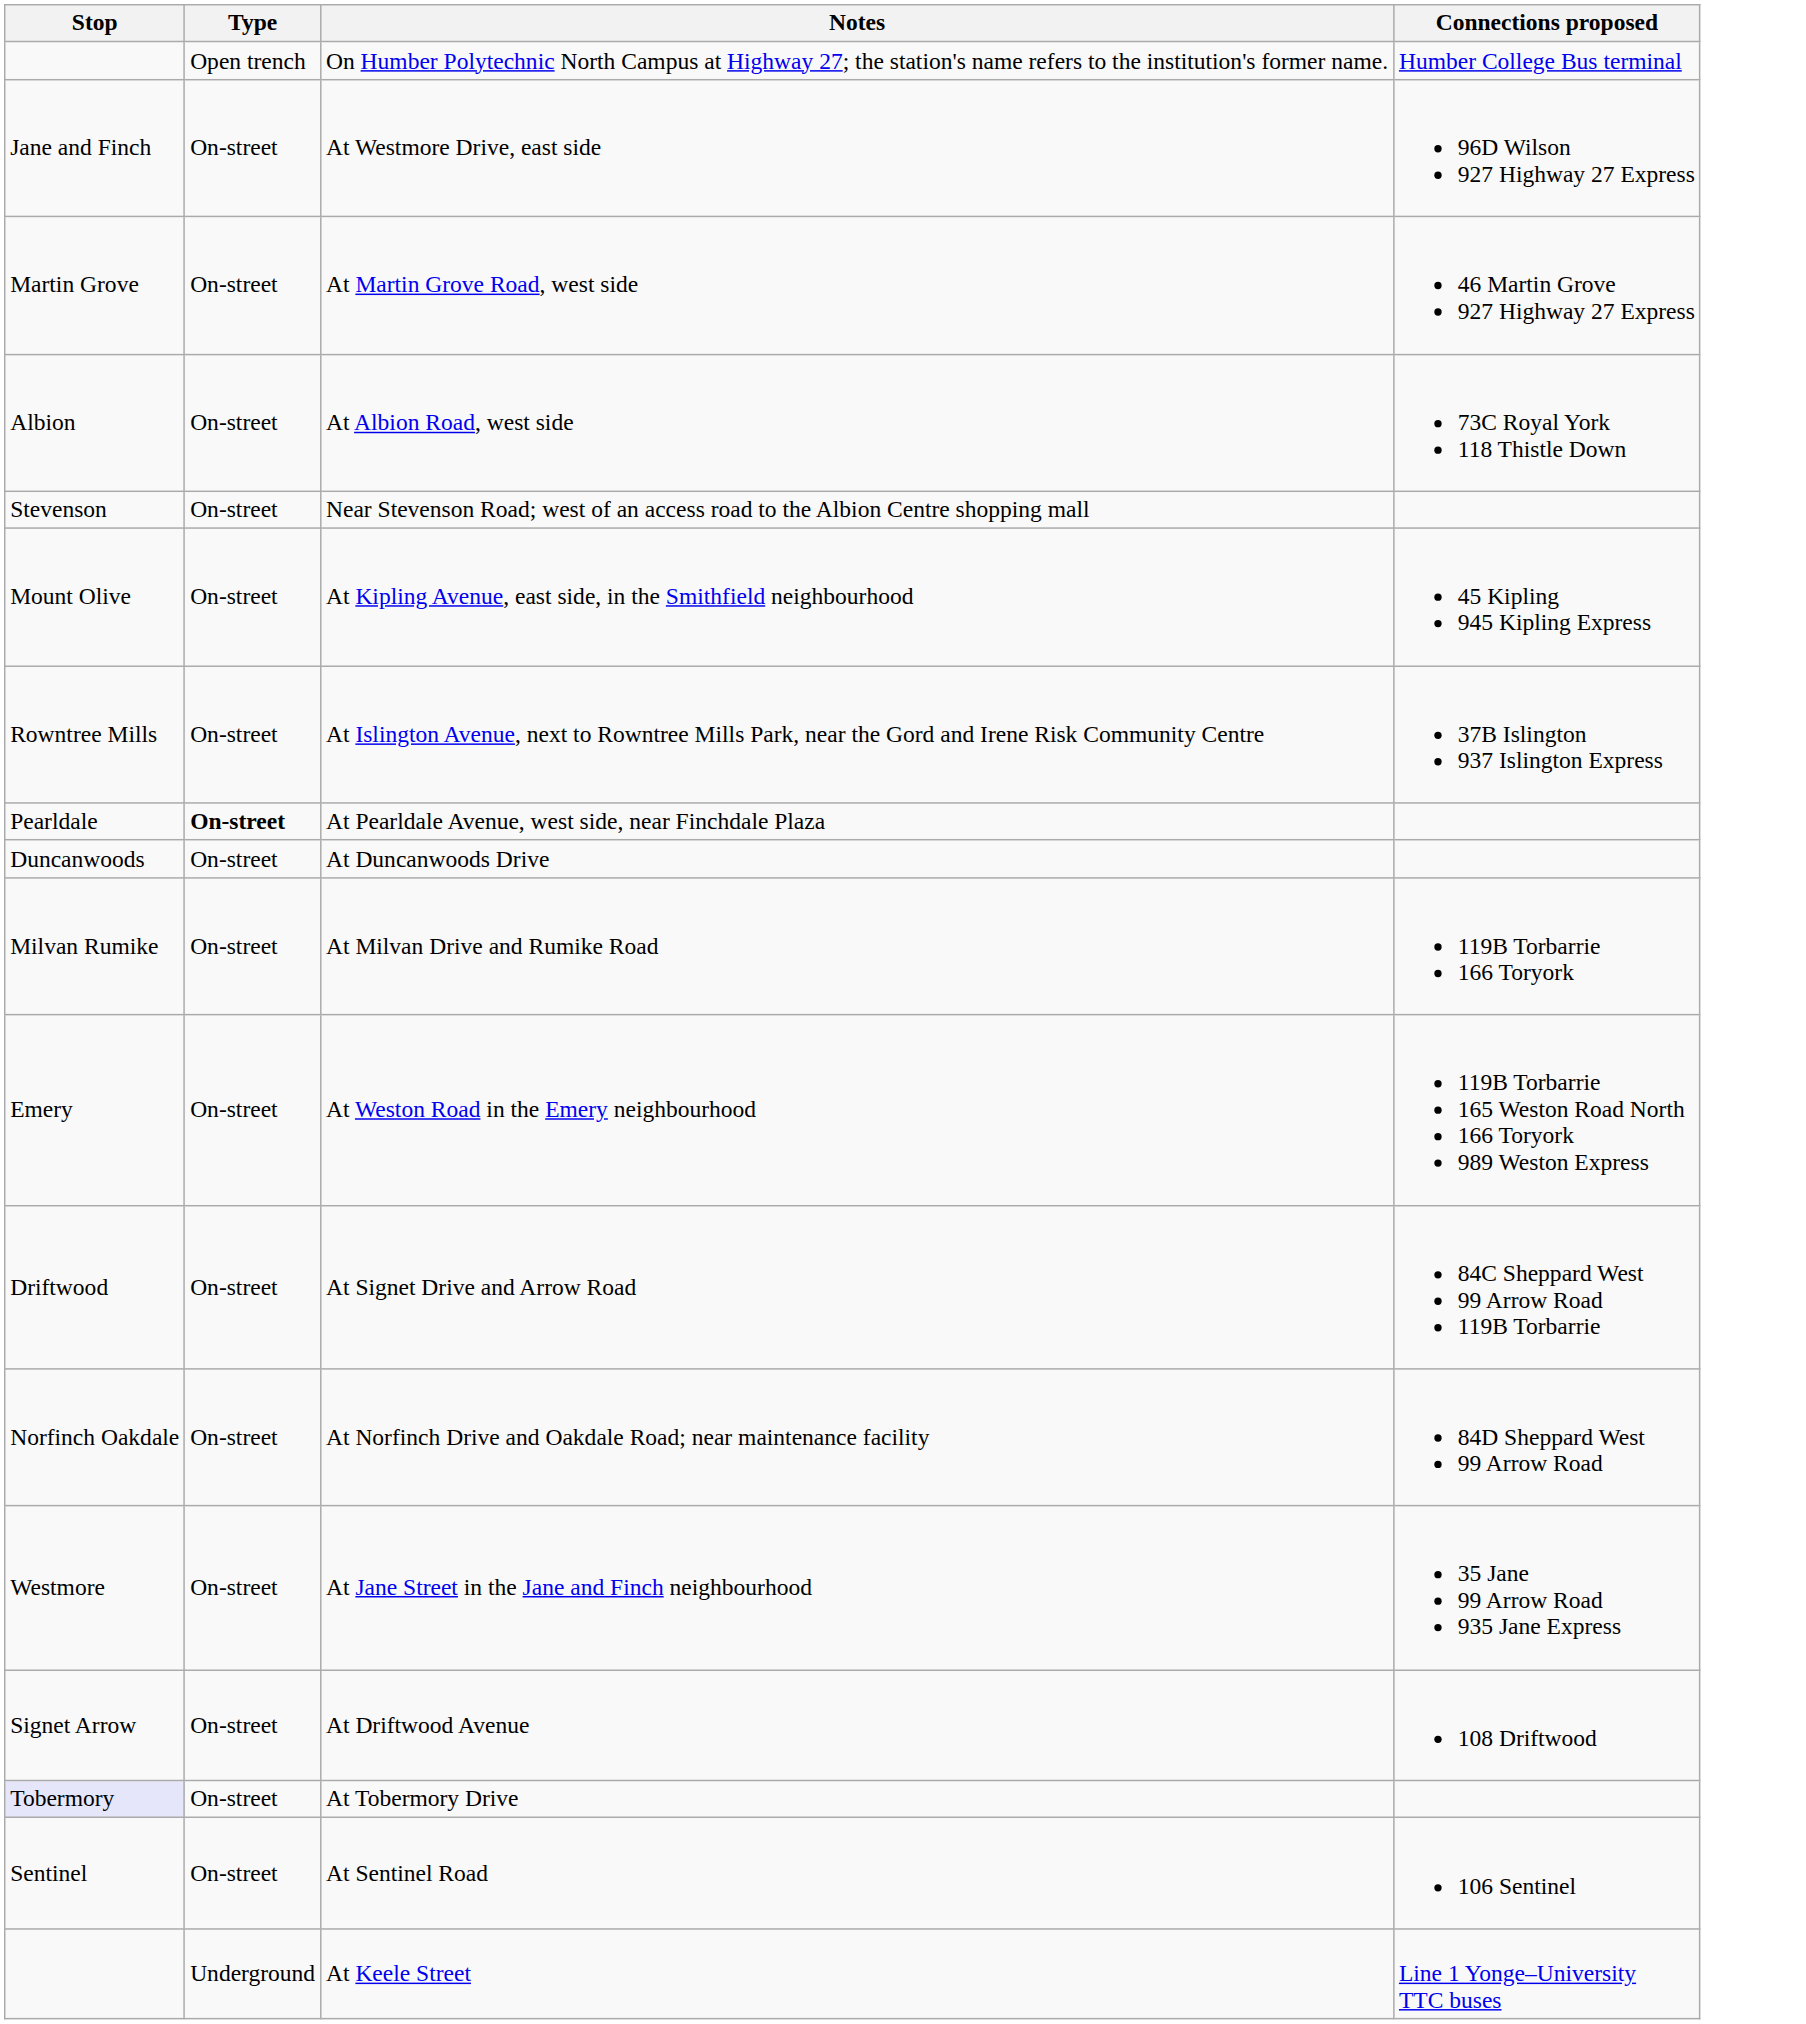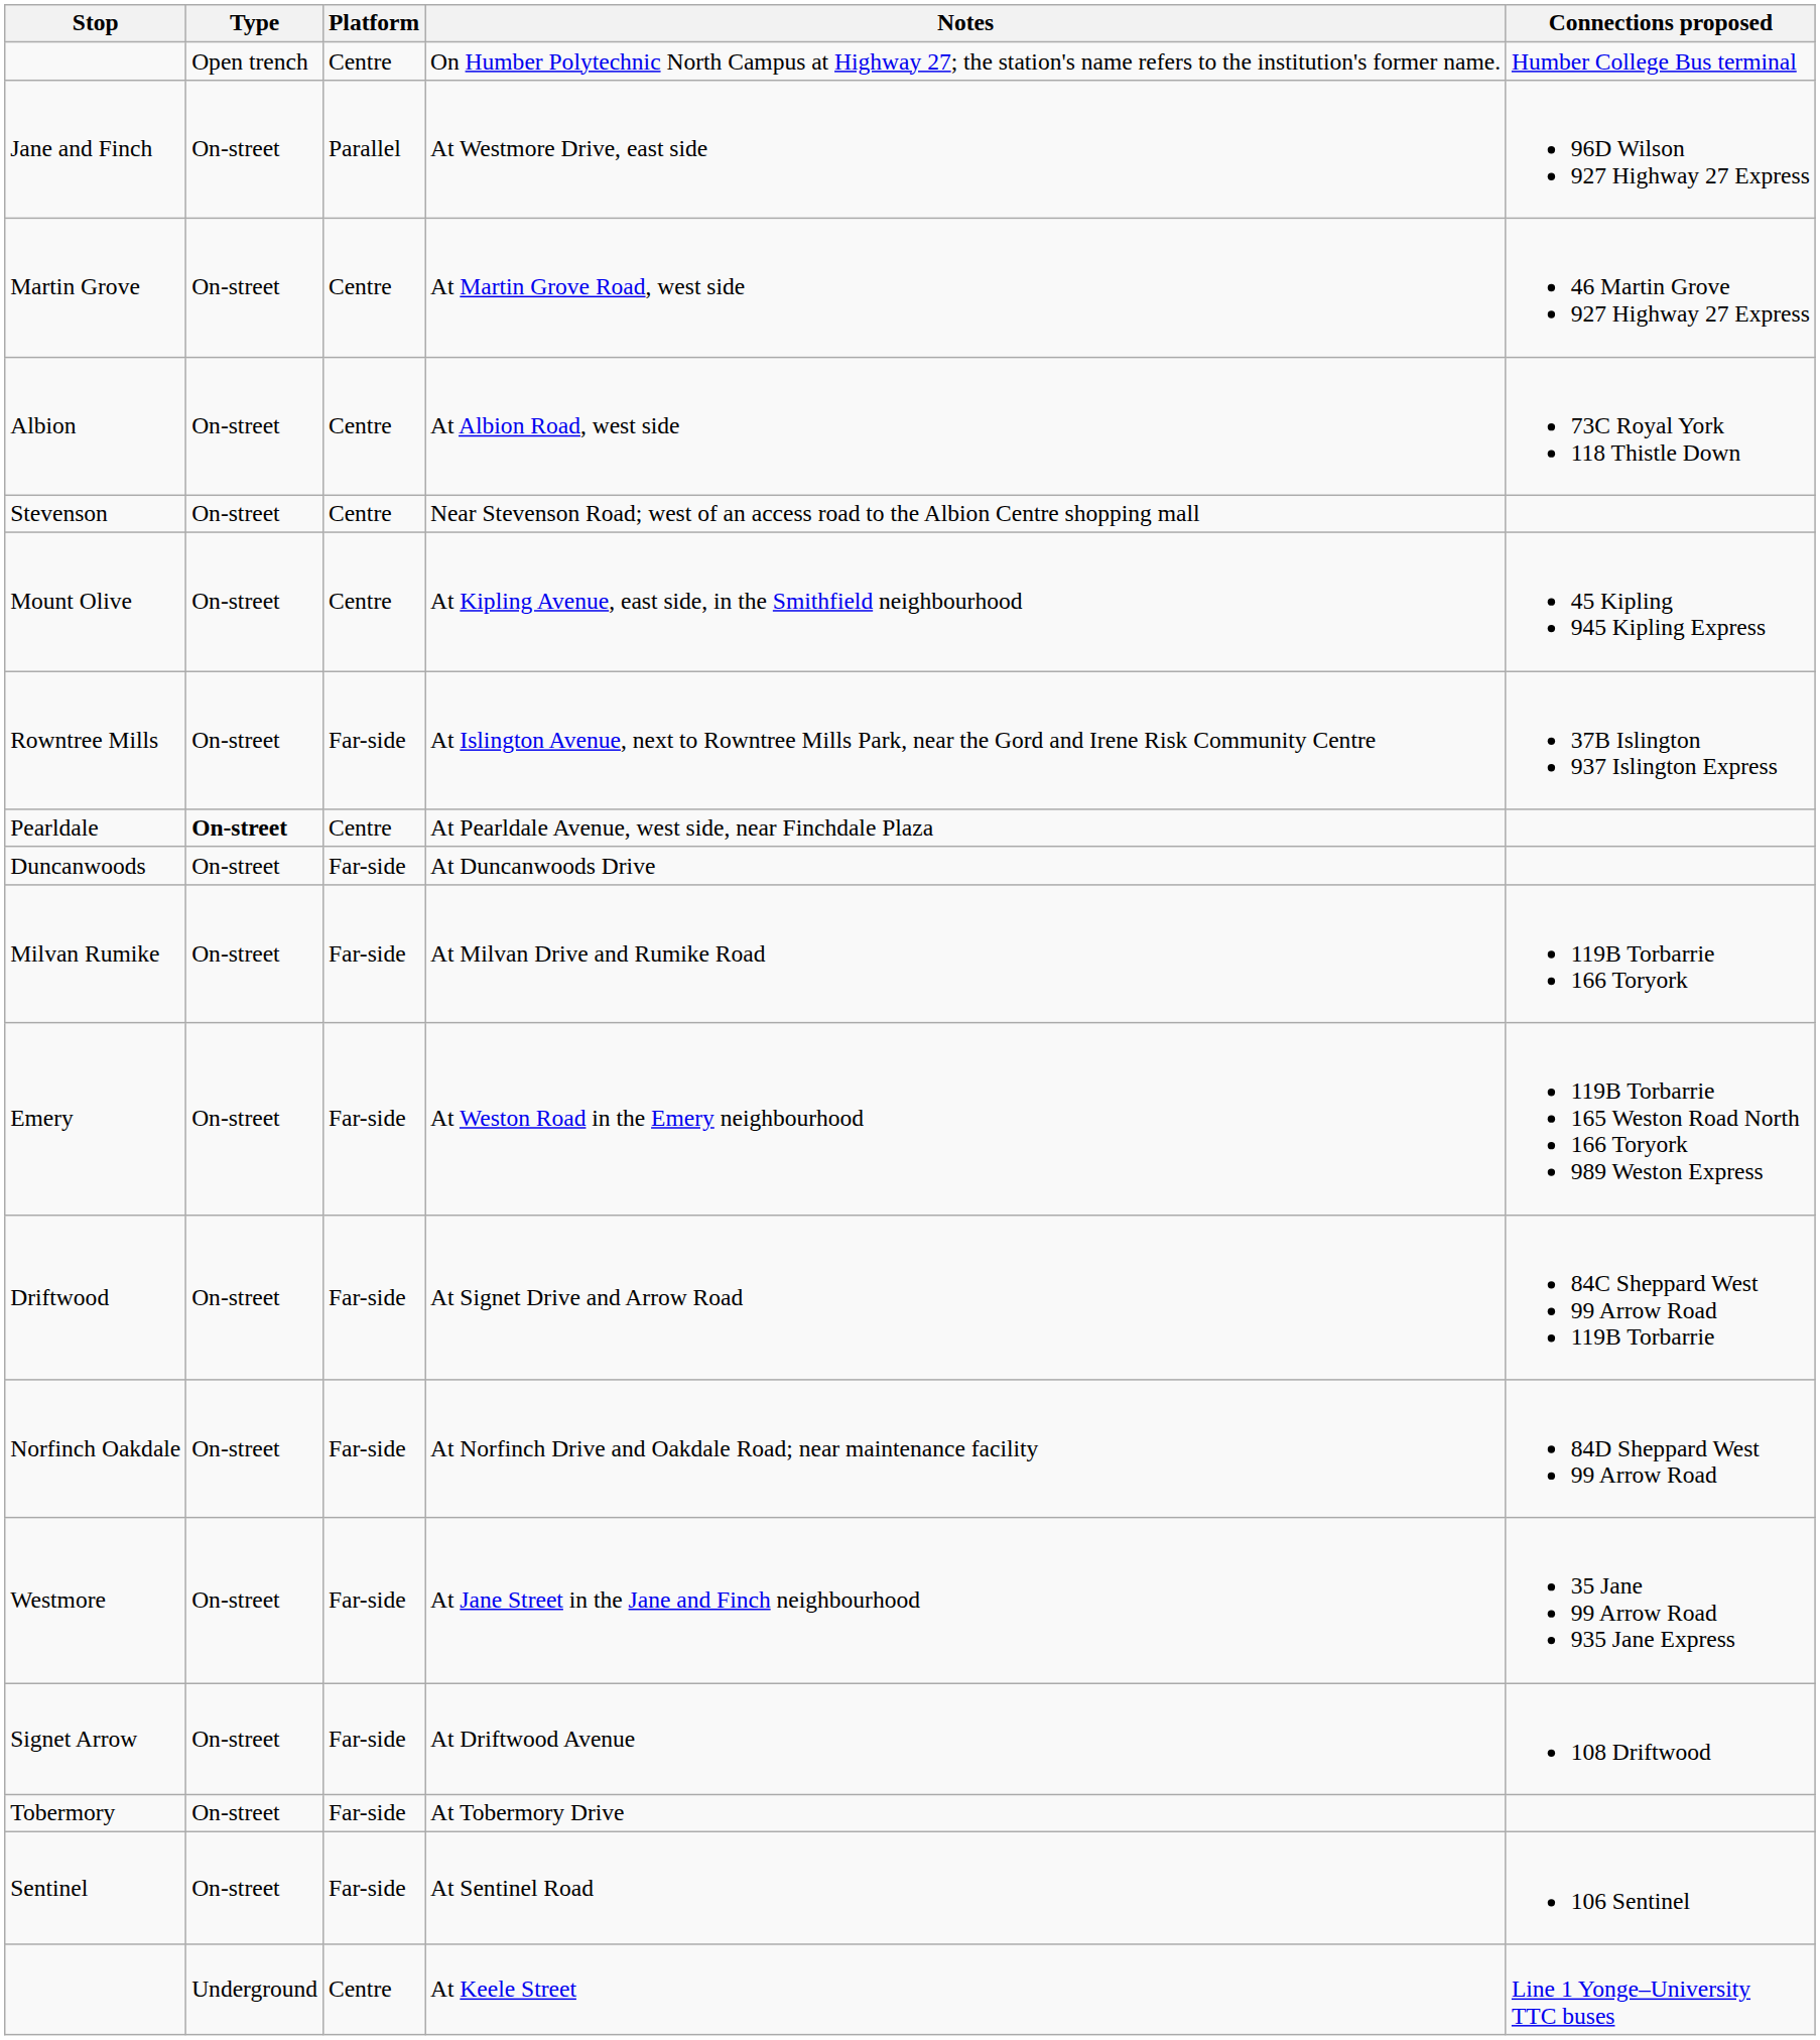 <table class="wikitable">
 <tr>
 <th>Stop</th>
 <th>Type</th>
+<th>Platform</th>
 <th>Notes</th>
 <th>Connections proposed </th>
 </tr>
 <tr>
 <td></td>
 <td>Open trench</td>
+<td>Centre</td>
 <td>On <a href='#'>Humber Polytechnic</a> North Campus at <a href='#'>Highway 27</a>; the station's name refers to the institution's former name.</td>
 <td><a href='#'>Humber College Bus terminal</a></td>
 </tr>
 <tr>
 <td>Jane and Finch</td>
 <td>On-street</td>
+<td>Parallel</td>
 <td>At Westmore Drive, east side</td>
 <td><br><ul><li>96D Wilson</li><li>927 Highway 27 Express</li></ul></td>
 </tr>
 <tr>
 <td>Martin Grove</td>
 <td>On-street</td>
+<td>Centre</td>
 <td>At <a href='#'>Martin Grove Road</a>, west side</td>
 <td><br><ul><li>46 Martin Grove</li><li>927 Highway 27 Express</li></ul></td>
 </tr>
 <tr>
 <td>Albion</td>
 <td>On-street</td>
+<td>Centre</td>
 <td>At <a href='#'>Albion Road</a>, west side</td>
 <td><br><ul><li>73C Royal York</li><li>118 Thistle Down</li></ul></td>
 </tr>
 <tr>
 <td>Stevenson</td>
 <td>On-street</td>
+<td>Centre</td>
 <td>Near Stevenson Road; west of an access road to the Albion Centre shopping mall</td>
 <td></td>
 </tr>
 <tr>
 <td>Mount Olive</td>
 <td>On-street</td>
+<td>Centre</td>
 <td>At <a href='#'>Kipling Avenue</a>, east side, in the <a href='#'>Smithfield</a> neighbourhood</td>
 <td><br><ul><li>45 Kipling</li><li>945 Kipling Express</li></ul></td>
 </tr>
 <tr>
 <td>Rowntree Mills</td>
 <td>On-street</td>
+<td>Far-side</td>
 <td>At <a href='#'>Islington Avenue</a>, next to Rowntree Mills Park, near the Gord and Irene Risk Community Centre</td>
 <td><br><ul><li>37B Islington</li><li>937 Islington Express</li></ul></td>
 </tr>
 <tr>
 <td>Pearldale</td>
 <td><strong>On-street</strong></td>
+<td>Centre</td>
 <td>At Pearldale Avenue, west side, near Finchdale Plaza</td>
 <td></td>
 </tr>
 <tr>
 <td>Duncanwoods</td>
 <td>On-street</td>
+<td>Far-side</td>
 <td>At Duncanwoods Drive</td>
 <td></td>
 </tr>
 <tr>
 <td>Milvan Rumike</td>
 <td>On-street</td>
+<td>Far-side</td>
 <td>At Milvan Drive and Rumike Road</td>
 <td><br><ul><li>119B Torbarrie</li><li>166 Toryork</li></ul></td>
 </tr>
 <tr>
 <td>Emery</td>
 <td>On-street</td>
+<td>Far-side</td>
 <td>At <a href='#'>Weston Road</a> in the <a href='#'>Emery</a> neighbourhood</td>
 <td><br><ul><li>119B Torbarrie</li><li>165 Weston Road North</li><li>166 Toryork</li><li>989 Weston Express</li></ul></td>
 </tr>
 <tr>
 <td>Driftwood</td>
 <td>On-street</td>
+<td>Far-side</td>
 <td>At Signet Drive and Arrow Road</td>
 <td><br><ul><li>84C Sheppard West</li><li>99 Arrow Road</li><li>119B Torbarrie</li></ul></td>
 </tr>
 <tr>
 <td>Norfinch Oakdale</td>
 <td>On-street</td>
+<td>Far-side</td>
 <td>At Norfinch Drive and Oakdale Road; near maintenance facility</td>
 <td><br><ul><li>84D Sheppard West</li><li>99 Arrow Road</li></ul></td>
 </tr>
 <tr>
 <td>Westmore</td>
 <td>On-street</td>
+<td>Far-side</td>
 <td>At <a href='#'>Jane Street</a> in the <a href='#'>Jane and Finch</a> neighbourhood</td>
 <td><br><ul><li>35 Jane</li><li>99 Arrow Road</li><li>935 Jane Express</li></ul></td>
 </tr>
 <tr>
 <td>Signet Arrow</td>
 <td>On-street</td>
+<td>Far-side</td>
 <td>At Driftwood Avenue</td>
 <td><br><ul><li>108 Driftwood</li></ul></td>
 </tr>
 <tr>
-<td style="background: lavender;">Tobermory</td>
+<td>Tobermory</td>
 <td>On-street</td>
+<td>Far-side</td>
 <td>At Tobermory Drive</td>
 <td></td>
 </tr>
 <tr>
 <td>Sentinel</td>
 <td>On-street</td>
+<td>Far-side</td>
 <td>At Sentinel Road</td>
 <td><br><ul><li>106 Sentinel</li></ul></td>
 </tr>
 <tr>
 <td></td>
 <td>Underground</td>
+<td>Centre</td>
 <td>At <a href='#'>Keele Street</a></td>
 <td><br><a href='#'>Line 1 Yonge–University</a><br> <a href='#'>TTC buses</a></td>
 </tr>
 </table>
